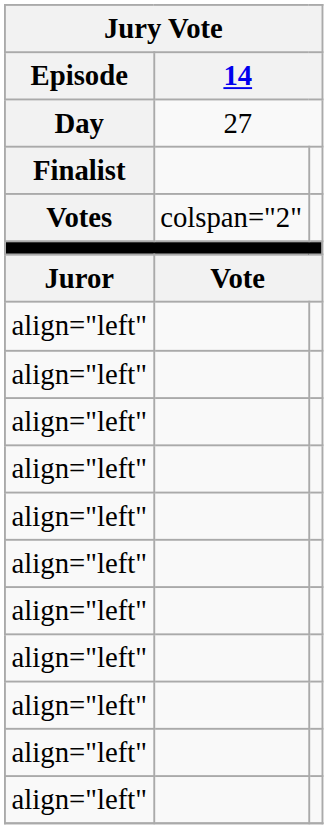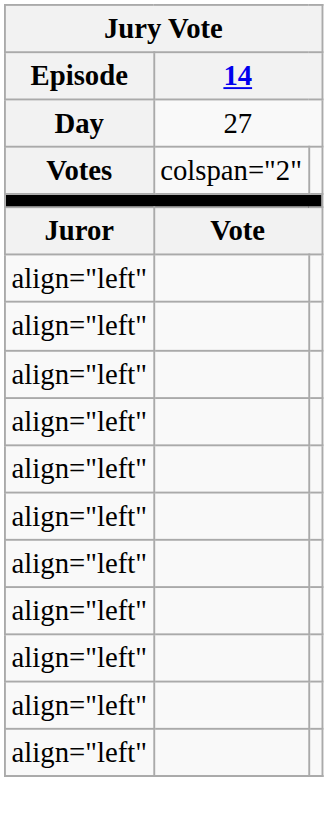 <table class="wikitable" style="text-align:center; font-size:95%">
 <tr>
 <th colspan="3">Jury Vote</th>
 </tr>
 <tr>
 <th>Episode</th>
 <th colspan="2"><a href='#'>14</a></th>
 </tr>
 <tr>
 <th>Day</th>
 <td colspan="2">27</td>
-</tr>
-<tr>
-<th>Finalist</th>
-<td></td>
-<td></td>
 </tr>
 <tr>
 <th>Votes</th>
 <td>colspan="2" </td>
 </tr>
 <tr>
 <td colspan="3" bgcolor="black"></td>
 </tr>
 <tr>
 <th>Juror</th>
 <th colspan="2">Vote</th>
 </tr>
 <tr>
 <td>align="left" </td>
 <td></td>
 <td></td>
 </tr>
 <tr>
 <td>align="left" </td>
 <td></td>
 <td></td>
 </tr>
 <tr>
 <td>align="left" </td>
 <td></td>
 <td></td>
 </tr>
 <tr>
 <td>align="left" </td>
 <td></td>
 <td></td>
 </tr>
 <tr>
 <td>align="left" </td>
 <td></td>
 <td></td>
 </tr>
 <tr>
 <td>align="left" </td>
 <td></td>
 <td></td>
 </tr>
 <tr>
 <td>align="left" </td>
 <td></td>
 <td></td>
 </tr>
 <tr>
 <td>align="left" </td>
 <td></td>
 <td></td>
 </tr>
 <tr>
 <td>align="left" </td>
 <td></td>
 <td></td>
 </tr>
 <tr>
 <td>align="left" </td>
 <td></td>
 <td></td>
 </tr>
 <tr>
 <td>align="left" </td>
 <td></td>
 <td></td>
 </tr>
 <tr>
 </tr>
 </table>
